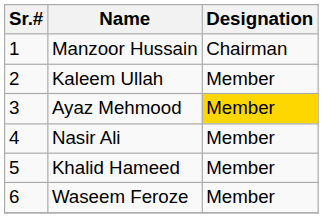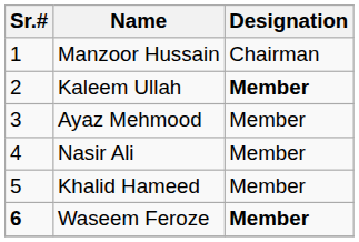 <table class="wikitable">
 <tr>
 <th>Sr.#</th>
 <th>Name</th>
 <th>Designation</th>
 </tr>
 <tr>
 <td>1</td>
 <td>Manzoor Hussain</td>
 <td>Chairman</td>
 </tr>
 <tr>
 <td>2</td>
 <td>Kaleem Ullah</td>
-<td>Member</td>
+<td><strong>Member</strong></td>
 </tr>
 <tr>
 <td>3</td>
 <td>Ayaz Mehmood</td>
-<td style="background: gold;">Member</td>
+<td>Member</td>
 </tr>
 <tr>
 <td>4</td>
 <td>Nasir Ali</td>
 <td>Member</td>
 </tr>
 <tr>
 <td>5</td>
 <td>Khalid Hameed</td>
 <td>Member</td>
 </tr>
 <tr>
-<td>6</td>
+<td><strong>6</strong></td>
 <td>Waseem Feroze</td>
-<td>Member</td>
+<td><strong>Member</strong></td>
 </tr>
 <tr>
 </tr>
 </table>
